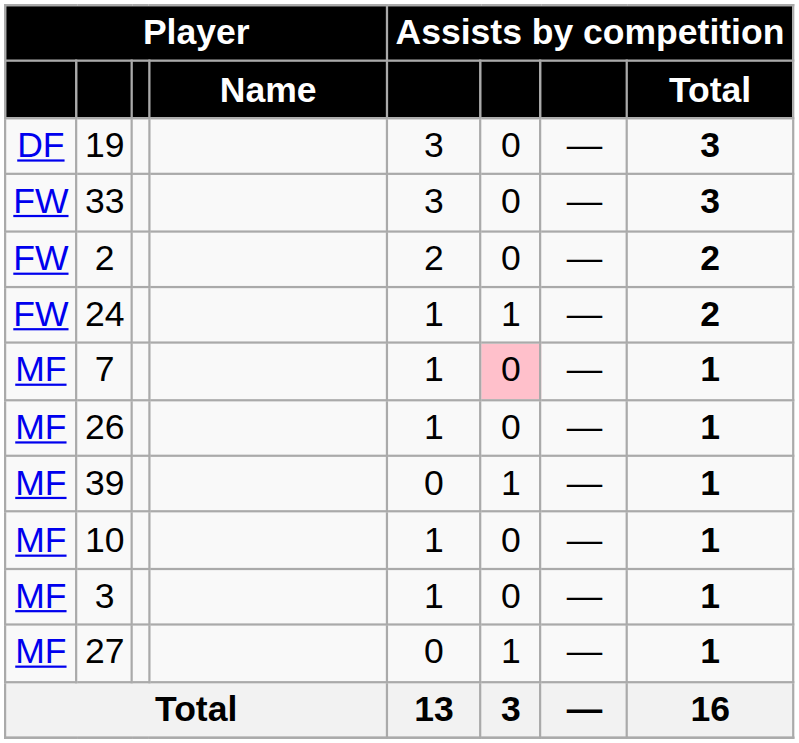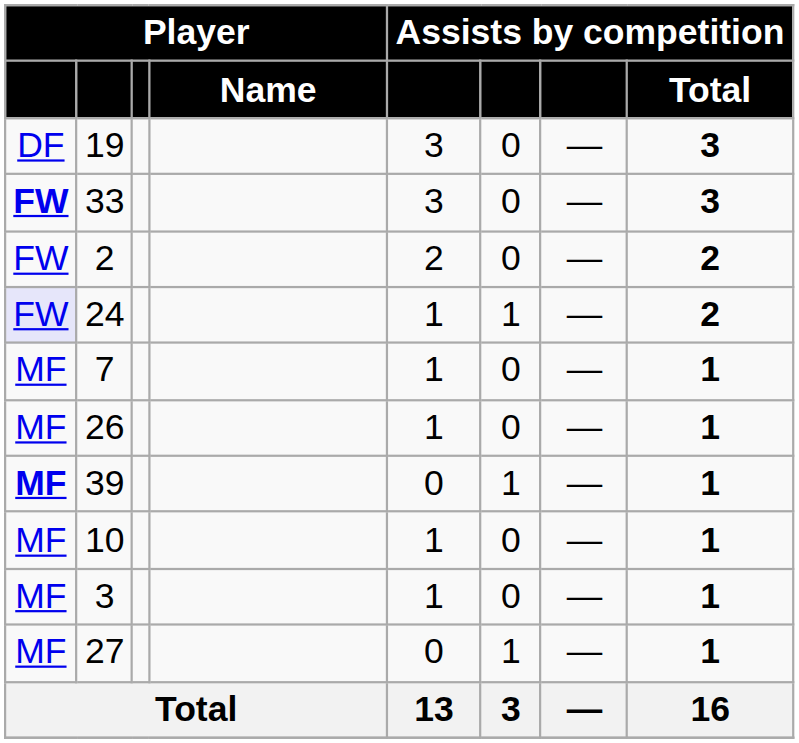 <table class="wikitable sortable" style="text-align:center;">
 <tr>
 <th style="background:#000; color:#fff;" colspan=4 scope="colgroup">Player</th>
 <th style="background:#000; color:#fff;" colspan=4 scope="colgroup">Assists by competition</th>
 </tr>
 <tr>
 <th style="background:#000; color:#fff;" scope="col"></th>
 <th style="background:#000; color:#fff;" scope="col"></th>
 <th style="background:#000; color:#fff;" scope="col"></th>
 <th style="background:#000; color:#fff; width:100px;" scope="col">Name</th>
 <th style="background:#000; color:#fff;" scope="col"></th>
 <th style="background:#000; color:#fff;" scope="col"></th>
 <th style="background:#000; color:#fff;" scope="col"></th>
 <th style="background:#000; color:#fff;" scope="col">Total</th>
 </tr>
 <tr>
 <td><a href='#'>DF</a></td>
 <td>19</td>
 <td></td>
 <td></td>
 <td>3</td>
 <td>0</td>
 <td>—</td>
 <td><strong>3</strong></td>
 </tr>
 <tr>
-<td><a href='#'>FW</a></td>
+<td><strong><a href='#'>FW</a></strong></td>
 <td>33</td>
 <td></td>
 <td></td>
 <td>3</td>
 <td>0</td>
 <td>—</td>
 <td><strong>3</strong></td>
 </tr>
 <tr>
 <td><a href='#'>FW</a></td>
 <td>2</td>
 <td></td>
 <td></td>
 <td>2</td>
 <td>0</td>
 <td>—</td>
 <td><strong>2</strong></td>
 </tr>
 <tr>
-<td><a href='#'>FW</a></td>
+<td style="background: lavender;"><a href='#'>FW</a></td>
 <td>24</td>
 <td></td>
 <td></td>
 <td>1</td>
 <td>1</td>
 <td>—</td>
 <td><strong>2</strong></td>
 </tr>
 <tr>
 <td><a href='#'>MF</a></td>
 <td>7</td>
 <td></td>
 <td></td>
 <td>1</td>
-<td style="background: pink;">0</td>
+<td>0</td>
 <td>—</td>
 <td><strong>1</strong></td>
 </tr>
 <tr>
 <td><a href='#'>MF</a></td>
 <td>26</td>
 <td></td>
 <td></td>
 <td>1</td>
 <td>0</td>
 <td>—</td>
 <td><strong>1</strong></td>
 </tr>
 <tr>
-<td><a href='#'>MF</a></td>
+<td><strong><a href='#'>MF</a></strong></td>
 <td>39</td>
 <td></td>
 <td></td>
 <td>0</td>
 <td>1</td>
 <td>—</td>
 <td><strong>1</strong></td>
 </tr>
 <tr>
 <td><a href='#'>MF</a></td>
 <td>10</td>
 <td></td>
 <td></td>
 <td>1</td>
 <td>0</td>
 <td>—</td>
 <td><strong>1</strong></td>
 </tr>
 <tr>
 <td><a href='#'>MF</a></td>
 <td>3</td>
 <td></td>
 <td></td>
 <td>1</td>
 <td>0</td>
 <td>—</td>
 <td><strong>1</strong></td>
 </tr>
 <tr>
 <td><a href='#'>MF</a></td>
 <td>27</td>
 <td></td>
 <td></td>
 <td>0</td>
 <td>1</td>
 <td>—</td>
 <td><strong>1</strong></td>
 </tr>
 <tr>
 <th colspan=4 scope=row>Total</th>
 <th>13</th>
 <th>3</th>
 <th>—</th>
 <th>16</th>
 </tr>
 <tr>
 </tr>
 </table>
